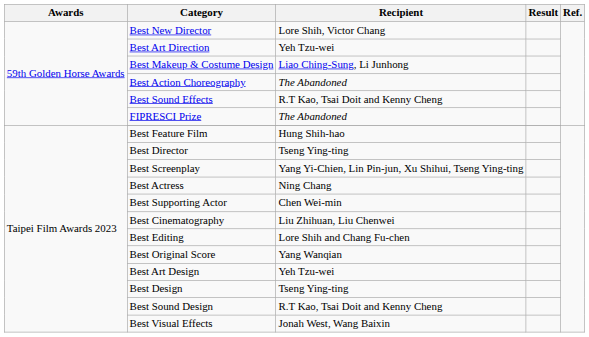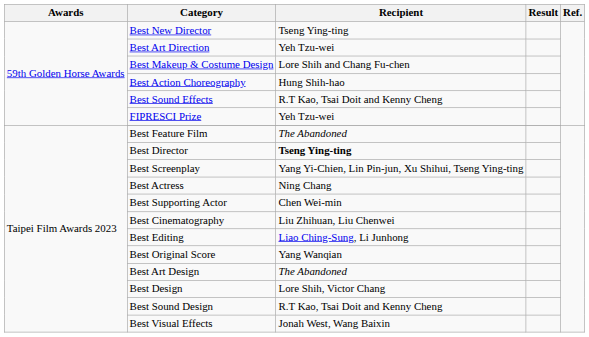 <table class="wikitable">
 <tr>
 <th>Awards</th>
 <th>Category</th>
 <th>Recipient</th>
 <th>Result</th>
 <th>Ref.</th>
 </tr>
 <tr>
 <td rowspan=6><a href='#'>59th Golden Horse Awards</a></td>
 <td><a href='#'>Best New Director</a></td>
-<td>Lore Shih, Victor Chang</td>
+<td>Tseng Ying-ting</td>
 <td></td>
 <td rowspan=6></td>
 </tr>
 <tr>
 <td><a href='#'>Best Art Direction</a></td>
 <td>Yeh Tzu-wei</td>
 <td></td>
 </tr>
 <tr>
 <td><a href='#'>Best Makeup & Costume Design</a></td>
-<td><a href='#'>Liao Ching-Sung</a>, Li Junhong</td>
+<td>Lore Shih and Chang Fu-chen</td>
 <td></td>
 </tr>
 <tr>
 <td><a href='#'>Best Action Choreography</a></td>
-<td><em>The Abandoned</em></td>
+<td>Hung Shih-hao</td>
 <td></td>
 </tr>
 <tr>
 <td><a href='#'>Best Sound Effects</a></td>
 <td>R.T Kao, Tsai Doit and Kenny Cheng</td>
 <td></td>
 </tr>
 <tr>
 <td><a href='#'>FIPRESCI Prize</a></td>
-<td><em>The Abandoned</em></td>
+<td>Yeh Tzu-wei</td>
 <td></td>
 </tr>
 <tr>
 <td rowspan=13>Taipei Film Awards 2023</td>
 </tr>
 <tr>
 <td>Best Feature Film</td>
-<td>Hung Shih-hao</td>
+<td><em>The Abandoned</em></td>
 <td></td>
 </tr>
 <tr>
 <td>Best Director</td>
-<td>Tseng Ying-ting</td>
+<td><strong>Tseng Ying-ting</strong></td>
 <td></td>
 </tr>
 <tr>
 <td>Best Screenplay</td>
 <td>Yang Yi-Chien, Lin Pin-jun, Xu Shihui, Tseng Ying-ting</td>
 <td></td>
 </tr>
 <tr>
 <td>Best Actress</td>
 <td>Ning Chang</td>
 <td></td>
 </tr>
 <tr>
 <td>Best Supporting Actor</td>
 <td>Chen Wei-min</td>
 <td></td>
 </tr>
 <tr>
 <td>Best Cinematography</td>
 <td>Liu Zhihuan, Liu Chenwei</td>
 <td></td>
 </tr>
 <tr>
 <td>Best Editing</td>
-<td>Lore Shih and Chang Fu-chen</td>
+<td><a href='#'>Liao Ching-Sung</a>, Li Junhong</td>
 <td></td>
 </tr>
 <tr>
 <td>Best Original Score</td>
 <td>Yang Wanqian</td>
 <td></td>
 </tr>
 <tr>
 <td>Best Art Design</td>
-<td>Yeh Tzu-wei</td>
+<td><em>The Abandoned</em></td>
 <td></td>
 </tr>
 <tr>
 <td>Best Design</td>
-<td>Tseng Ying-ting</td>
+<td>Lore Shih, Victor Chang</td>
 <td></td>
 </tr>
 <tr>
 <td>Best Sound Design</td>
 <td>R.T Kao, Tsai Doit and Kenny Cheng</td>
 <td></td>
 </tr>
 <tr>
 <td>Best Visual Effects</td>
 <td>Jonah West, Wang Baixin</td>
 <td></td>
 </tr>
 </table>
